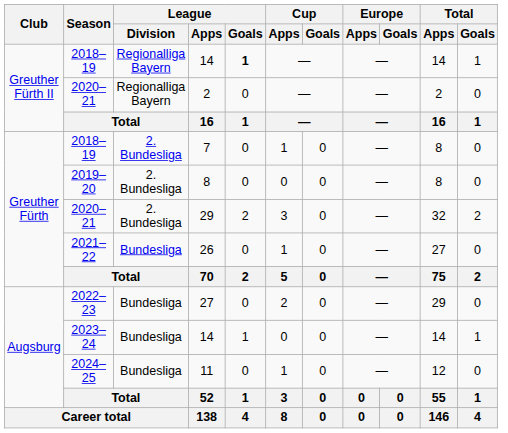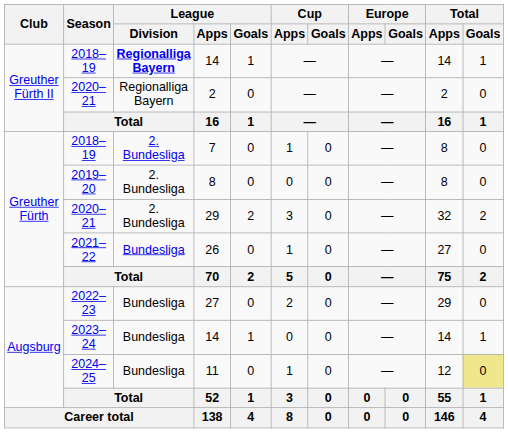 <table class="wikitable" style="text-align:center">
 <tr>
 <th rowspan="2">Club</th>
 <th rowspan="2">Season</th>
 <th colspan="3">League</th>
 <th colspan="2">Cup</th>
 <th colspan="2">Europe</th>
 <th colspan="2">Total</th>
 </tr>
 <tr>
 <th>Division</th>
 <th>Apps</th>
 <th>Goals</th>
 <th>Apps</th>
 <th>Goals</th>
 <th>Apps</th>
 <th>Goals</th>
 <th>Apps</th>
 <th>Goals</th>
 </tr>
 <tr>
 <td rowspan="3"><a href='#'>Greuther Fürth II</a></td>
 <td><a href='#'>2018–19</a></td>
-<td><a href='#'>Regionalliga Bayern</a></td>
+<td><strong><a href='#'>Regionalliga Bayern</a></strong></td>
 <td>14</td>
-<td><strong>1</strong></td>
+<td>1</td>
 <td colspan="2">—</td>
 <td colspan="2">—</td>
 <td>14</td>
 <td>1</td>
 </tr>
 <tr>
 <td><a href='#'>2020–21</a></td>
 <td>Regionalliga Bayern</td>
 <td>2</td>
 <td>0</td>
 <td colspan="2">—</td>
 <td colspan="2">—</td>
 <td>2</td>
 <td>0</td>
 </tr>
 <tr>
 <th colspan="2">Total</th>
 <th>16</th>
 <th>1</th>
 <th colspan="2">—</th>
 <th colspan="2">—</th>
 <th>16</th>
 <th>1</th>
 </tr>
 <tr>
 <td rowspan="5"><a href='#'>Greuther Fürth</a></td>
 <td><a href='#'>2018–19</a></td>
 <td><a href='#'>2. Bundesliga</a></td>
 <td>7</td>
 <td>0</td>
 <td>1</td>
 <td>0</td>
 <td colspan="2">—</td>
 <td>8</td>
 <td>0</td>
 </tr>
 <tr>
 <td><a href='#'>2019–20</a></td>
 <td>2. Bundesliga</td>
 <td>8</td>
 <td>0</td>
 <td>0</td>
 <td>0</td>
 <td colspan="2">—</td>
 <td>8</td>
 <td>0</td>
 </tr>
 <tr>
 <td><a href='#'>2020–21</a></td>
 <td>2. Bundesliga</td>
 <td>29</td>
 <td>2</td>
 <td>3</td>
 <td>0</td>
 <td colspan="2">—</td>
 <td>32</td>
 <td>2</td>
 </tr>
 <tr>
 <td><a href='#'>2021–22</a></td>
 <td><a href='#'>Bundesliga</a></td>
 <td>26</td>
 <td>0</td>
 <td>1</td>
 <td>0</td>
 <td colspan="2">—</td>
 <td>27</td>
 <td>0</td>
 </tr>
 <tr>
 <th colspan="2">Total</th>
 <th>70</th>
 <th>2</th>
 <th>5</th>
 <th>0</th>
 <th colspan="2">—</th>
 <th>75</th>
 <th>2</th>
 </tr>
 <tr>
 <td rowspan="4"><a href='#'>Augsburg</a></td>
 <td><a href='#'>2022–23</a></td>
 <td>Bundesliga</td>
 <td>27</td>
 <td>0</td>
 <td>2</td>
 <td>0</td>
 <td colspan="2">—</td>
 <td>29</td>
 <td>0</td>
 </tr>
 <tr>
 <td><a href='#'>2023–24</a></td>
 <td>Bundesliga</td>
 <td>14</td>
 <td>1</td>
 <td>0</td>
 <td>0</td>
 <td colspan="2">—</td>
 <td>14</td>
 <td>1</td>
 </tr>
 <tr>
 <td><a href='#'>2024–25</a></td>
 <td>Bundesliga</td>
 <td>11</td>
 <td>0</td>
 <td>1</td>
 <td>0</td>
 <td colspan="2">—</td>
 <td>12</td>
-<td>0</td>
+<td style="background: khaki;">0</td>
 </tr>
 <tr>
 <th colspan="2">Total</th>
 <th>52</th>
 <th>1</th>
 <th>3</th>
 <th>0</th>
 <th>0</th>
 <th>0</th>
 <th>55</th>
 <th>1</th>
 </tr>
 <tr>
 <th colspan="3">Career total</th>
 <th>138</th>
 <th>4</th>
 <th>8</th>
 <th>0</th>
 <th>0</th>
 <th>0</th>
 <th>146</th>
 <th>4</th>
 </tr>
 </table>
